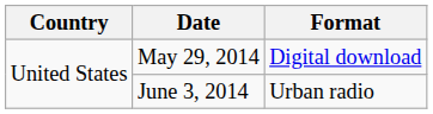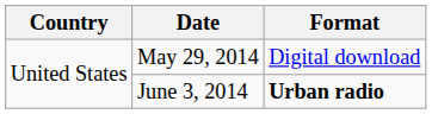 <table class="wikitable">
 <tr>
 <th>Country</th>
 <th>Date</th>
 <th>Format</th>
 </tr>
 <tr>
 <td rowspan="2">United States</td>
 <td>May 29, 2014</td>
 <td><a href='#'>Digital download</a></td>
 </tr>
 <tr>
 <td>June 3, 2014</td>
-<td>Urban radio</td>
+<td><strong>Urban radio</strong></td>
 </tr>
 </table>
